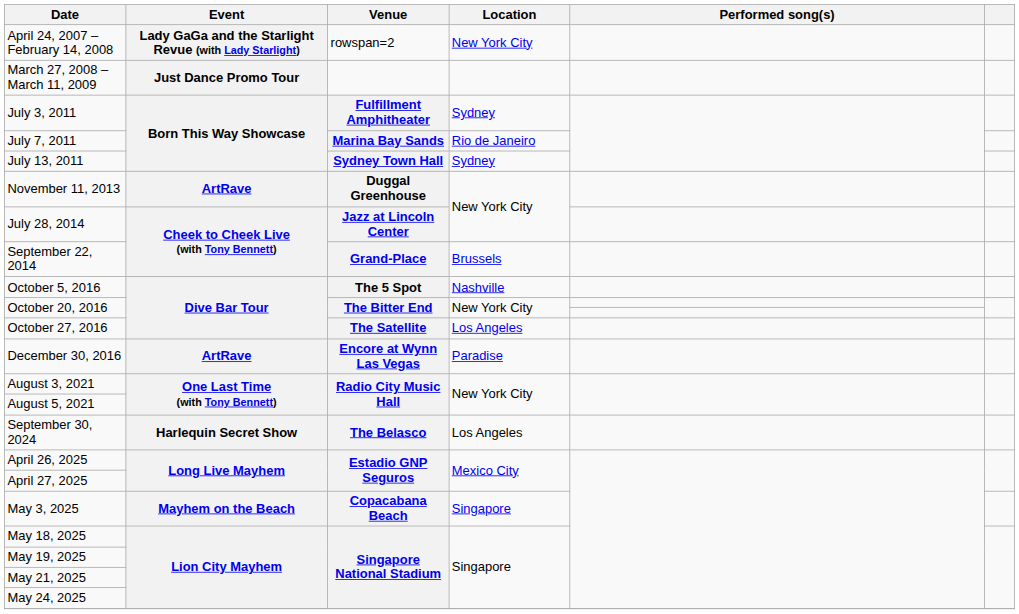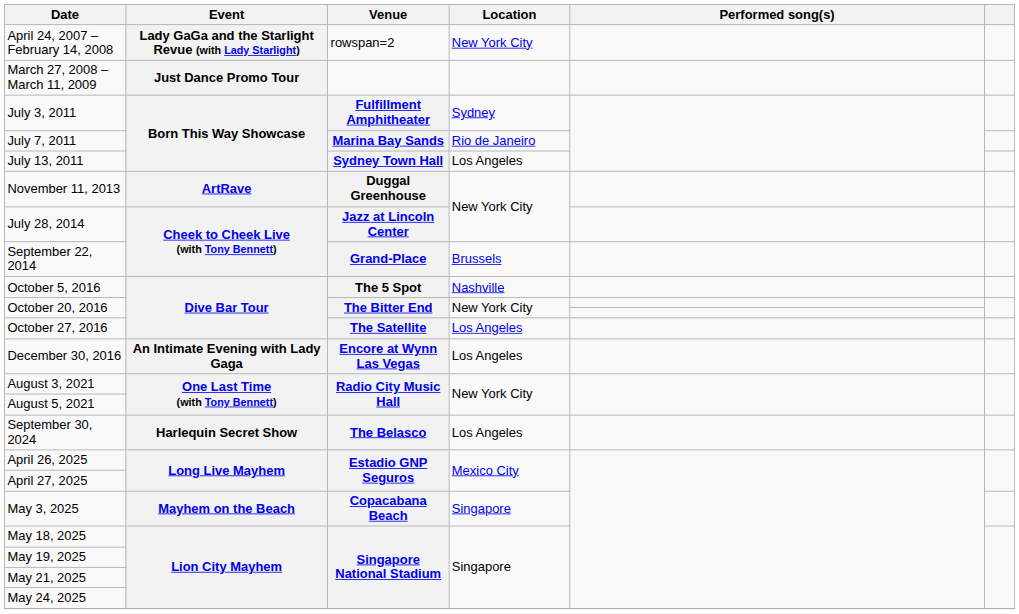 <table class="wikitable sortable plainrowheaders">
 <tr>
 <th style="width:12%;">Date</th>
 <th style="width:20%;">Event</th>
 <th style="width:12%;">Venue</th>
 <th style="width:12%;">Location</th>
 <th>Performed song(s)</th>
 <th scope="col" style="width:3%;" class="unsortable"></th>
 </tr>
 <tr>
 <td>April 24, 2007 – February 14, 2008</td>
 <th scope="row">Lady GaGa and the Starlight Revue <small>(with <a href='#'>Lady Starlight</a>)</small></th>
 <td>rowspan=2 </td>
 <td><a href='#'>New York City</a></td>
 <td></td>
 <td style="text-align:center;"></td>
 </tr>
 <tr>
 <td>March 27, 2008 – March 11, 2009</td>
 <th scope="row">Just Dance Promo Tour</th>
 <td></td>
 <td></td>
 <td style="text-align:center;"></td>
 </tr>
 <tr>
 <td>July 3, 2011</td>
 <th scope="row" rowspan=3>Born This Way Showcase</th>
 <th scope="row"><a href='#'>Fulfillment Amphitheater</a></th>
 <td><a href='#'>Sydney</a></td>
 <td rowspan=3></td>
 <td style="text-align:center;"></td>
 </tr>
 <tr>
 <td>July 7, 2011</td>
 <th scope="row"><a href='#'>Marina Bay Sands</a></th>
 <td><a href='#'>Rio de Janeiro</a></td>
 <td style="text-align:center;"></td>
 </tr>
 <tr>
 <td>July 13, 2011</td>
 <th scope="row"><a href='#'>Sydney Town Hall</a></th>
-<td><a href='#'>Sydney</a></td>
+<td>Los Angeles</td>
 <td style="text-align:center;"></td>
 </tr>
 <tr>
 <td>November 11, 2013</td>
 <th scope="row"><a href='#'>ArtRave</a></th>
 <th scope="row">Duggal Greenhouse</th>
 <td rowspan=2>New York City</td>
 <td></td>
 <td style="text-align:center;"></td>
 </tr>
 <tr>
 <td>July 28, 2014</td>
 <th scope="row" rowspan=2><a href='#'>Cheek to Cheek Live</a><br><small>(with <a href='#'>Tony Bennett</a>)</small></th>
 <th scope="row"><a href='#'>Jazz at Lincoln Center</a></th>
 <td></td>
 <td style="text-align:center;"></td>
 </tr>
 <tr>
 <td>September 22, 2014</td>
 <th scope="row"><a href='#'>Grand-Place</a></th>
 <td><a href='#'>Brussels</a></td>
 <td></td>
 <td style="text-align:center;"></td>
 </tr>
 <tr>
 <td>October 5, 2016</td>
 <th scope="row" rowspan=4><a href='#'>Dive Bar Tour</a></th>
 <th scope="row">The 5 Spot</th>
 <td><a href='#'>Nashville</a></td>
 <td></td>
 <td style="text-align:center;"></td>
 </tr>
 <tr>
 <td rowspan=2>October 20, 2016</td>
 <th scope="row" rowspan=2><a href='#'>The Bitter End</a></th>
 <td rowspan=2>New York City</td>
 <td></td>
 <td rowspan=2 style="text-align:center;"></td>
 </tr>
 <tr>
 <td></td>
 </tr>
 <tr>
 <td>October 27, 2016</td>
 <th scope="row"><a href='#'>The Satellite</a></th>
 <td><a href='#'>Los Angeles</a></td>
 <td></td>
 <td style="text-align:center;"></td>
 </tr>
 <tr>
 <td>December 30, 2016</td>
-<th scope="row"><a href='#'>ArtRave</a></th>
+<th scope="row">An Intimate Evening with Lady Gaga</th>
 <th scope="row"><a href='#'>Encore at Wynn Las Vegas</a></th>
-<td><a href='#'>Paradise</a></td>
+<td>Los Angeles</td>
 <td></td>
 <td style="text-align:center;"><br></td>
 </tr>
 <tr>
 <td>August 3, 2021</td>
 <th scope="row" rowspan=2><a href='#'>One Last Time</a><br><small>(with <a href='#'>Tony Bennett</a>)</small></th>
 <th scope="row" rowspan=2><a href='#'>Radio City Music Hall</a></th>
 <td rowspan=2>New York City</td>
 <td rowspan=2></td>
 <td style="text-align:center;" rowspan=2></td>
 </tr>
 <tr>
 <td>August 5, 2021</td>
 </tr>
 <tr>
 <td>September 30, 2024</td>
 <th scope="row">Harlequin Secret Show</th>
 <th scope="row"><a href='#'>The Belasco</a></th>
 <td>Los Angeles</td>
 <td></td>
 <td style="text-align:center;"></td>
 </tr>
 <tr>
 <td>April 26, 2025</td>
 <th scope="row" rowspan=2><a href='#'>Long Live Mayhem</a></th>
 <th scope="row" rowspan=2><a href='#'>Estadio GNP Seguros</a></th>
 <td rowspan=2><a href='#'>Mexico City</a></td>
 <td rowspan=7></td>
 <td style="text-align:center;" rowspan=2></td>
 </tr>
 <tr>
 <td>April 27, 2025</td>
 </tr>
 <tr>
 <td>May 3, 2025</td>
 <th scope="row"><a href='#'>Mayhem on the Beach</a></th>
 <th scope="row"><a href='#'>Copacabana Beach</a></th>
 <td><a href='#'>Singapore</a></td>
 <td style="text-align:center;"></td>
 </tr>
 <tr>
 <td>May 18, 2025</td>
 <th scope="row" rowspan=4><a href='#'>Lion City Mayhem</a></th>
 <th scope="row" rowspan=4><a href='#'>Singapore National Stadium</a></th>
 <td rowspan=4>Singapore</td>
 <td style="text-align:center;" rowspan=4></td>
 </tr>
 <tr>
 <td>May 19, 2025</td>
 </tr>
 <tr>
 <td>May 21, 2025</td>
 </tr>
 <tr>
 <td>May 24, 2025</td>
 </tr>
 <tr>
 </tr>
 </table>
